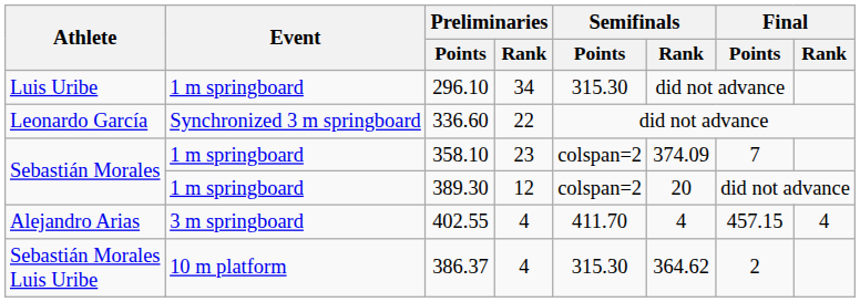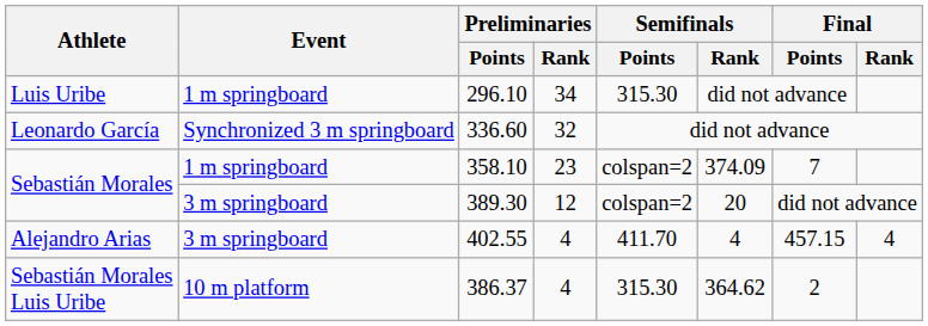 <table class="wikitable" style="text-align:center; font-size:90%">
 <tr>
 <th rowspan="2">Athlete</th>
 <th rowspan="2">Event</th>
 <th colspan="2">Preliminaries</th>
 <th colspan="2">Semifinals</th>
 <th colspan="2">Final</th>
 </tr>
 <tr style="font-size:95%">
 <th>Points</th>
 <th>Rank</th>
 <th>Points</th>
 <th>Rank</th>
 <th>Points</th>
 <th>Rank</th>
 </tr>
 <tr>
 <td align=left><a href='#'>Luis Uribe</a></td>
 <td align=left><a href='#'>1 m springboard</a></td>
 <td>296.10</td>
 <td>34</td>
 <td>315.30</td>
 <td colspan=2>did not advance</td>
 </tr>
 <tr>
 <td align=left><a href='#'>Leonardo García</a></td>
 <td align=left><a href='#'>Synchronized 3 m springboard</a></td>
 <td>336.60</td>
-<td>22</td>
+<td>32</td>
 <td colspan=4>did not advance</td>
 </tr>
 <tr>
 <td align=left rowspan=2><a href='#'>Sebastián Morales</a></td>
 <td align=left><a href='#'>1 m springboard</a></td>
 <td>358.10</td>
 <td>23</td>
 <td>colspan=2 </td>
 <td>374.09</td>
 <td>7</td>
 </tr>
 <tr>
-<td align=left><a href='#'>1 m springboard</a></td>
+<td align=left><a href='#'>3 m springboard</a></td>
 <td>389.30</td>
 <td>12</td>
 <td>colspan=2 </td>
 <td>20</td>
 <td colspan=2>did not advance</td>
 </tr>
 <tr>
 <td align=left><a href='#'>Alejandro Arias</a></td>
 <td align=left><a href='#'>3 m springboard</a></td>
 <td>402.55</td>
 <td>4</td>
 <td>411.70</td>
 <td>4</td>
 <td>457.15</td>
 <td>4</td>
 </tr>
 <tr>
 <td align=left><a href='#'>Sebastián Morales</a> <br><a href='#'>Luis Uribe</a></td>
 <td align=left><a href='#'>10 m platform</a></td>
 <td>386.37</td>
 <td>4</td>
 <td>315.30</td>
 <td>364.62</td>
 <td>2</td>
 </tr>
 </table>
